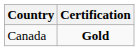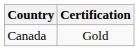 <table class="wikitable" border="1">
 <tr>
 <th>Country</th>
 <th>Certification</th>
 </tr>
 <tr>
 <td>Canada</td>
-<td align=center><strong>Gold</strong></td>
+<td align=center>Gold</td>
 </tr>
 </table>
